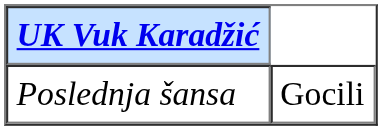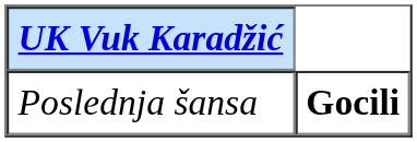 <table border="1" cellpadding="4" cellspacing="0">
 <tr bgcolor="#C6E2FF">
 <th><em><a href='#'>UK Vuk Karadžić</a></em></th>
 </tr>
 <tr>
 <td><em>Poslednja šansa</em></td>
-<td>Gocili</td>
+<td><strong>Gocili</strong></td>
 </tr>
 </table>
